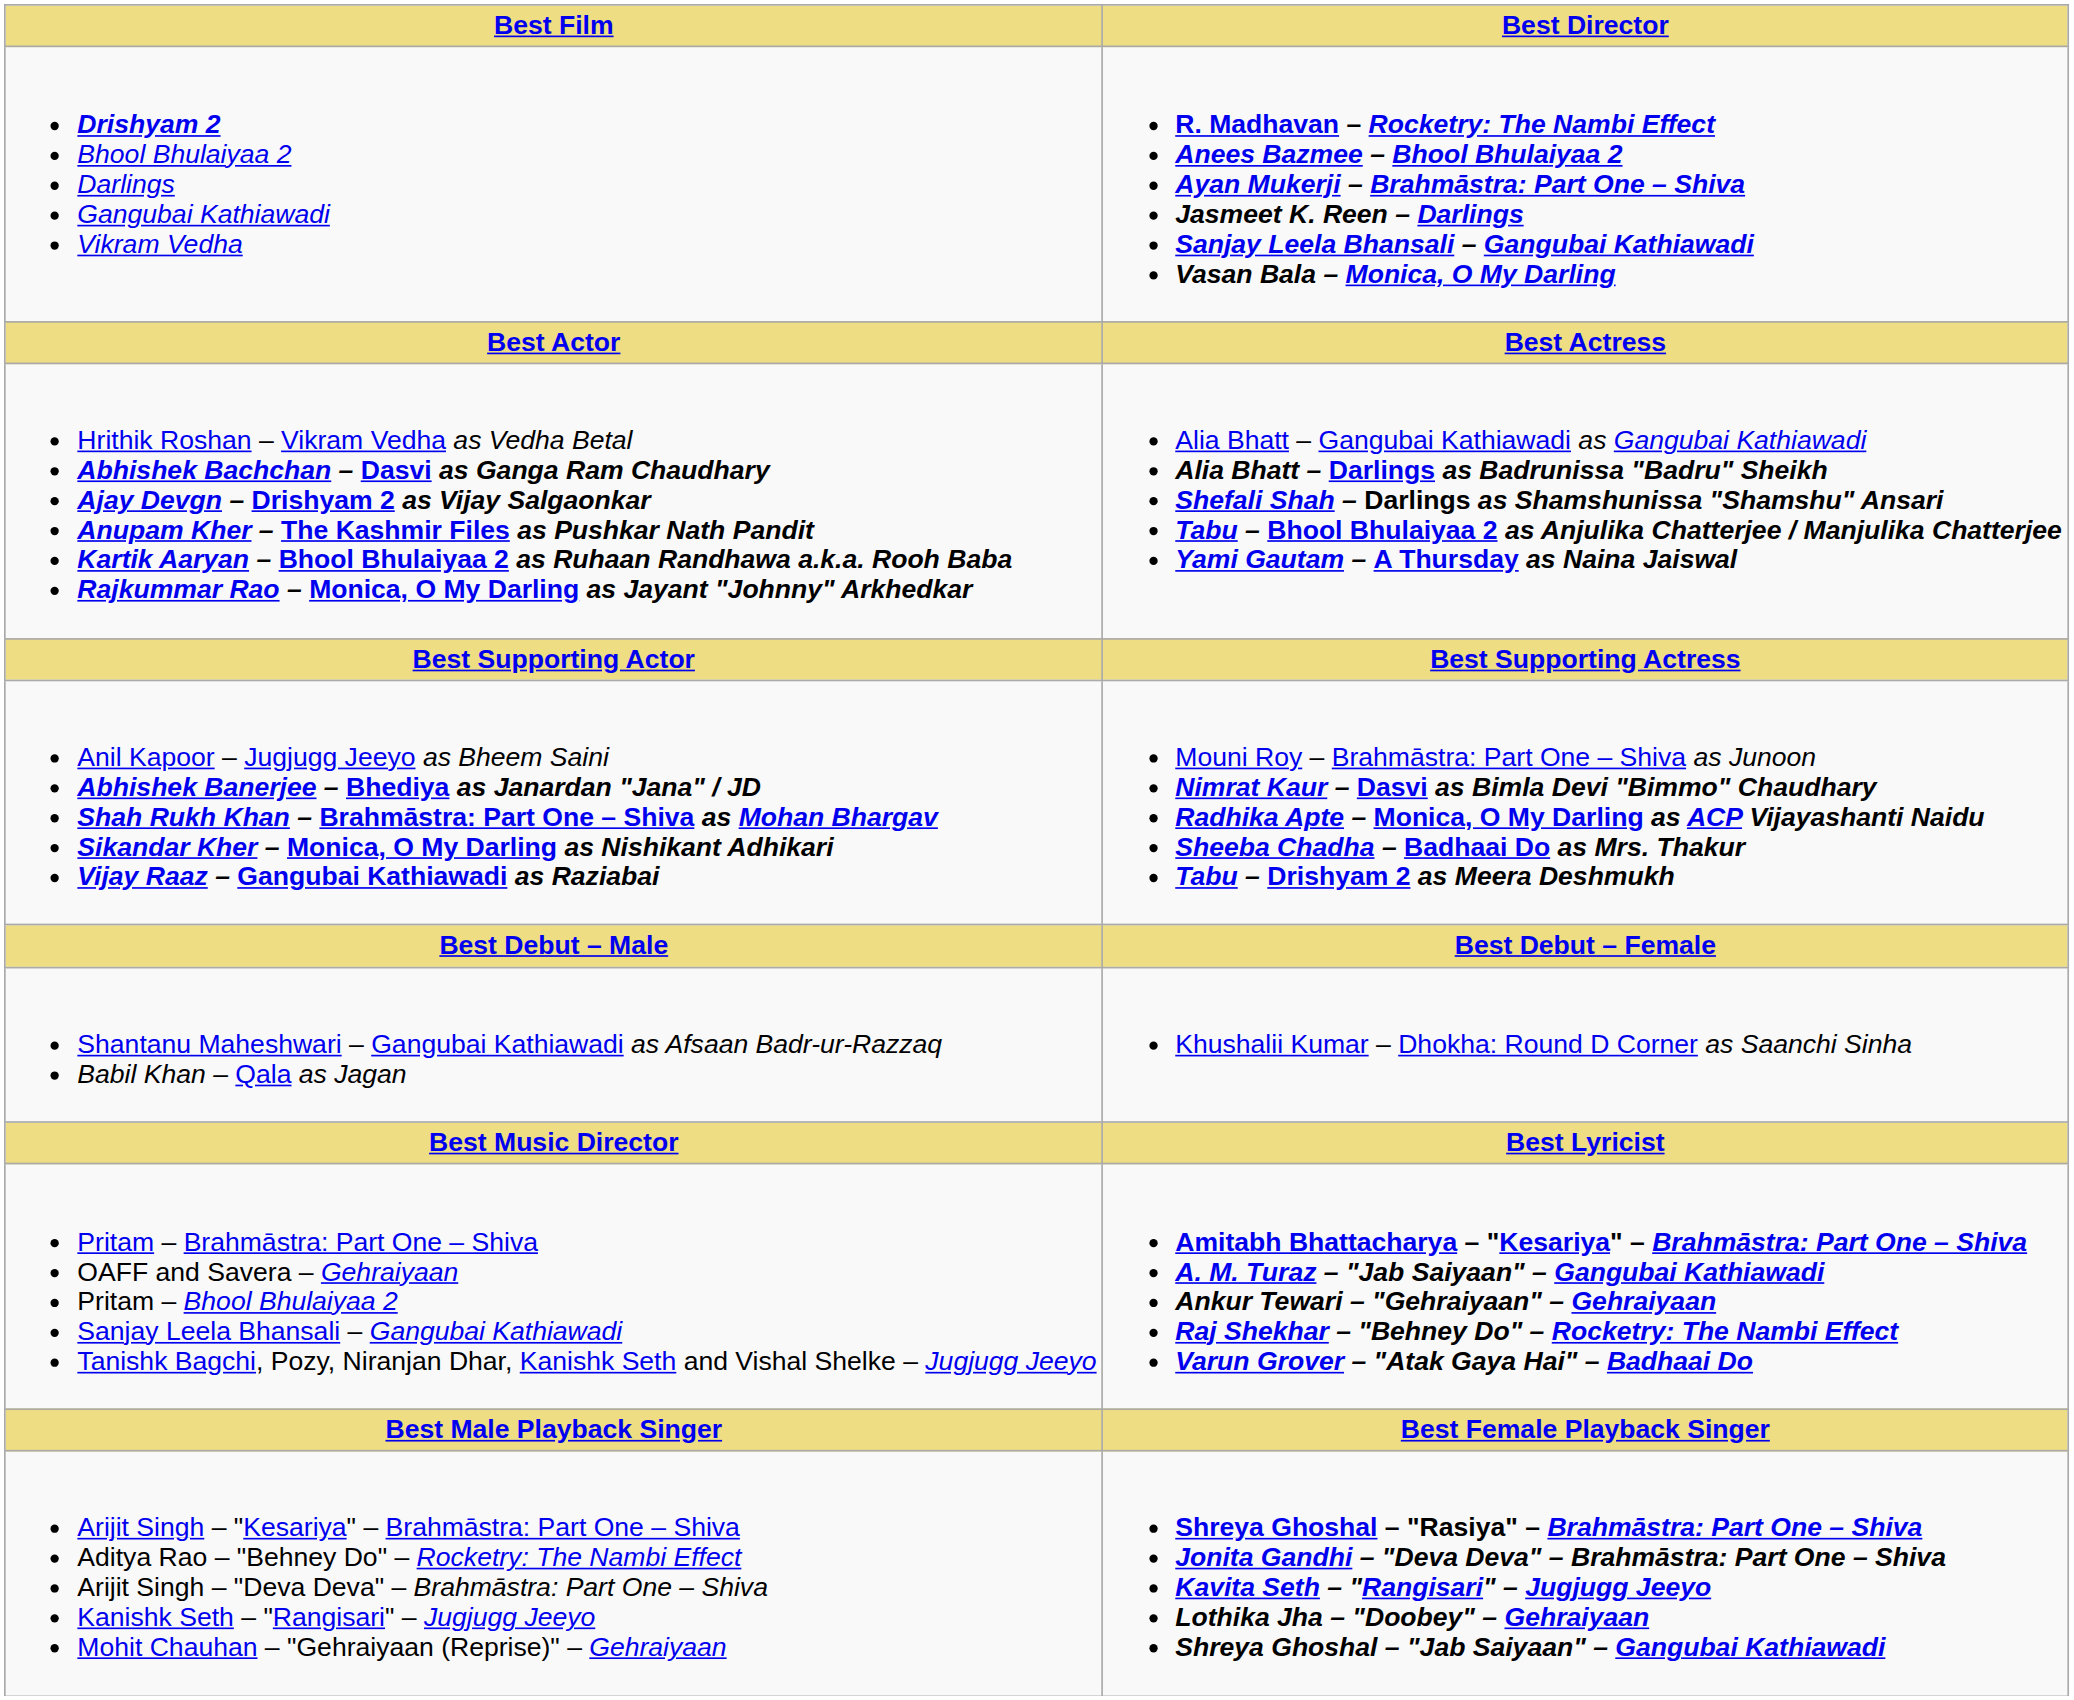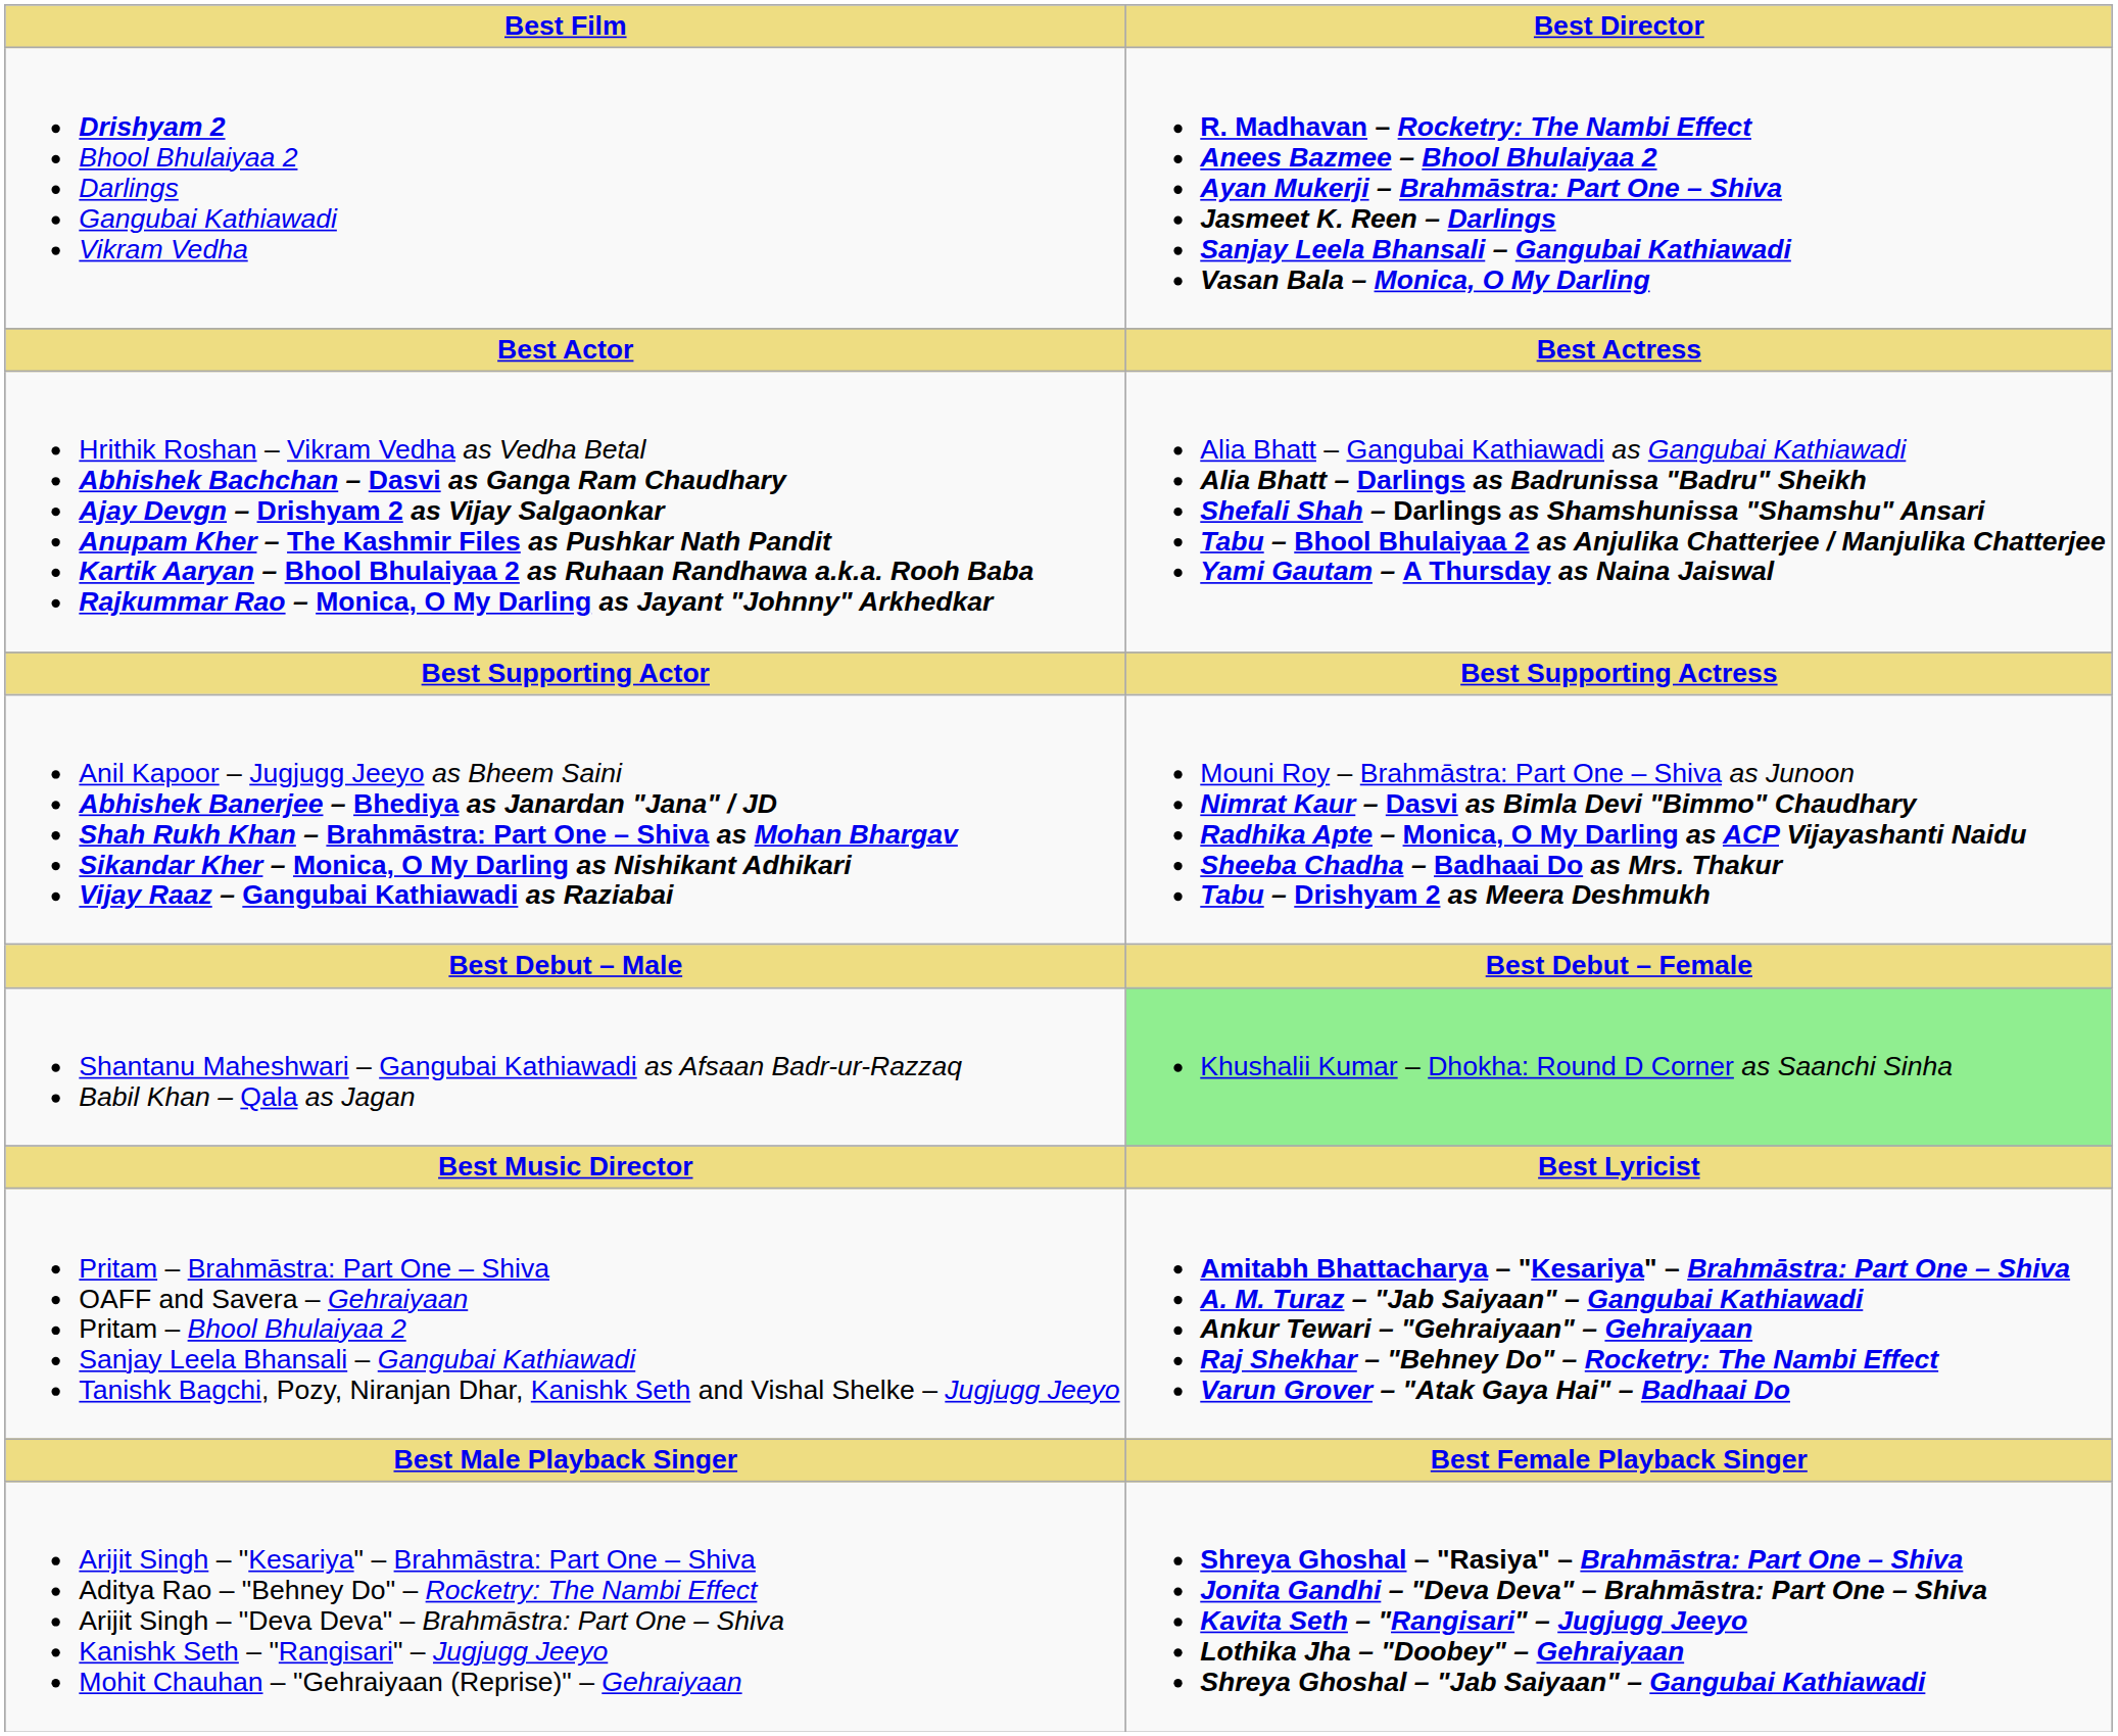 <table class="wikitable">
 <tr>
 <th ! style="background:#EEDD82;text-align:center;"><a href='#'>Best Film</a></th>
 <th ! style="background:#eedd82;text-align:center;"><a href='#'>Best Director</a></th>
 </tr>
 <tr>
 <td valign="top"><br><ul><li><strong><em><a href='#'>Drishyam 2</a></em></strong> </li><li><em><a href='#'>Bhool Bhulaiyaa 2</a></em></li><li><em><a href='#'>Darlings</a></em></li><li><em><a href='#'>Gangubai Kathiawadi</a></em></li><li><em><a href='#'>Vikram Vedha</a></em></li></ul></td>
 <td valign="top"><br><ul><li><strong><a href='#'>R. Madhavan</a> – <em><a href='#'>Rocketry: The Nambi Effect</a><strong><em> </li><li><a href='#'>Anees Bazmee</a> – </em><a href='#'>Bhool Bhulaiyaa 2</a><em></li><li><a href='#'>Ayan Mukerji</a> – </em><a href='#'>Brahmāstra: Part One – Shiva</a><em></li><li>Jasmeet K. Reen – </em><a href='#'>Darlings</a><em></li><li><a href='#'>Sanjay Leela Bhansali</a> – </em><a href='#'>Gangubai Kathiawadi</a><em></li><li>Vasan Bala – </em><a href='#'>Monica, O My Darling</a><em></li></ul></td>
 </tr>
 <tr>
 <th ! style="background:#EEDD82;text-align:center;"><a href='#'>Best Actor</a></th>
 <th ! style="background:#eedd82;text-align:center;"><a href='#'>Best Actress</a></th>
 </tr>
 <tr>
 <td valign="top"><br><ul><li></strong><a href='#'>Hrithik Roshan</a> – </em><a href='#'>Vikram Vedha</a><em> as Vedha Betal<strong> </li><li><a href='#'>Abhishek Bachchan</a> – </em><a href='#'>Dasvi</a><em> as Ganga Ram Chaudhary</li><li><a href='#'>Ajay Devgn</a> – </em><a href='#'>Drishyam 2</a><em> as Vijay Salgaonkar</li><li><a href='#'>Anupam Kher</a> – </em><a href='#'>The Kashmir Files</a><em> as Pushkar Nath Pandit</li><li><a href='#'>Kartik Aaryan</a> – </em><a href='#'>Bhool Bhulaiyaa 2</a><em> as Ruhaan Randhawa a.k.a. Rooh Baba</li><li><a href='#'>Rajkummar Rao</a> – </em><a href='#'>Monica, O My Darling</a><em> as Jayant "Johnny" Arkhedkar</li></ul></td>
 <td valign="top"><br><ul><li></strong><a href='#'>Alia Bhatt</a> – </em><a href='#'>Gangubai Kathiawadi</a><em> as <a href='#'>Gangubai Kathiawadi</a><strong> </li><li>Alia Bhatt – <a href='#'></em>Darlings<em></a> as Badrunissa "Badru" Sheikh</li><li><a href='#'>Shefali Shah</a> – </em>Darlings<em> as Shamshunissa "Shamshu" Ansari</li><li><a href='#'>Tabu</a> – </em><a href='#'>Bhool Bhulaiyaa 2</a><em> as Anjulika Chatterjee / Manjulika Chatterjee</li><li><a href='#'>Yami Gautam</a> – </em><a href='#'>A Thursday</a><em> as Naina Jaiswal</li></ul></td>
 </tr>
 <tr>
 <th ! style="background:#EEDD82;text-align:center;"><a href='#'>Best Supporting Actor</a></th>
 <th ! style="background:#eedd82;text-align:center;"><a href='#'>Best Supporting Actress</a></th>
 </tr>
 <tr>
 <td valign="top"><br><ul><li></strong><a href='#'>Anil Kapoor</a> – </em><a href='#'>Jugjugg Jeeyo</a><em> as Bheem Saini<strong> </li><li><a href='#'>Abhishek Banerjee</a> – <a href='#'></em>Bhediya<em></a> as Janardan "Jana" / JD</li><li><a href='#'>Shah Rukh Khan</a> – </em><a href='#'>Brahmāstra: Part One – Shiva</a><em> as <a href='#'>Mohan Bhargav</a></li><li><a href='#'>Sikandar Kher</a> – </em><a href='#'>Monica, O My Darling</a><em> as Nishikant Adhikari</li><li><a href='#'>Vijay Raaz</a> – </em><a href='#'>Gangubai Kathiawadi</a><em> as  Raziabai</li></ul></td>
 <td valign="top"><br><ul><li></strong><a href='#'>Mouni Roy</a> – </em><a href='#'>Brahmāstra: Part One – Shiva</a><em> as Junoon<strong> </li><li><a href='#'>Nimrat Kaur</a> – </em><a href='#'>Dasvi</a><em> as Bimla Devi "Bimmo" Chaudhary</li><li><a href='#'>Radhika Apte</a> – <a href='#'></em>Monica, O My Darling<em></a> as <a href='#'>ACP</a> Vijayashanti Naidu</li><li><a href='#'>Sheeba Chadha</a> – </em><a href='#'>Badhaai Do</a><em> as Mrs. Thakur</li><li><a href='#'>Tabu</a> – </em><a href='#'>Drishyam 2</a><em> as Meera Deshmukh</li></ul></td>
 </tr>
 <tr>
 <th ! style="background:#EEDD82;text-align:center;"><a href='#'>Best Debut – Male</a></th>
 <th ! style="background:#eedd82;text-align:center;"><a href='#'>Best Debut – Female</a></th>
 </tr>
 <tr>
 <td valign="top"><br><ul><li></strong><a href='#'>Shantanu Maheshwari</a> – </em><a href='#'>Gangubai Kathiawadi</a><em> as Afsaan Badr-ur-Razzaq<strong> </li><li></strong>Babil Khan – </em><a href='#'>Qala</a><em> as Jagan<strong> </li></ul></td>
-<td valign="top"><br><ul><li></strong><a href='#'>Khushalii Kumar</a> – </em><a href='#'>Dhokha: Round D Corner</a><em> as Saanchi Sinha<strong> </li></ul></td>
+<td valign="top" style="background: lightgreen;"><br><ul><li></strong><a href='#'>Khushalii Kumar</a> – </em><a href='#'>Dhokha: Round D Corner</a><em> as Saanchi Sinha<strong> </li></ul></td>
 </tr>
 <tr>
 <th ! style="background:#eedd82; text-align:center;"><a href='#'>Best Music Director</a></th>
 <th ! style="background:#eedd82; text-align:center;"><a href='#'>Best Lyricist</a></th>
 </tr>
 <tr>
 <td valign="top"><br><ul><li></strong><a href='#'>Pritam</a> – </em><a href='#'>Brahmāstra: Part One – Shiva</a></em></strong> </li><li>OAFF and Savera – <em><a href='#'>Gehraiyaan</a></em></li><li>Pritam – <em><a href='#'>Bhool Bhulaiyaa 2</a></em></li><li><a href='#'>Sanjay Leela Bhansali</a> – <em><a href='#'>Gangubai Kathiawadi</a></em></li><li><a href='#'>Tanishk Bagchi</a>, Pozy, Niranjan Dhar, <a href='#'>Kanishk Seth</a> and Vishal Shelke – <em><a href='#'>Jugjugg Jeeyo</a></em></li></ul></td>
 <td valign="top"><br><ul><li><strong><a href='#'>Amitabh Bhattacharya</a> – "<a href='#'>Kesariya</a>" – <em><a href='#'>Brahmāstra: Part One – Shiva</a><strong><em> </li><li><a href='#'>A. M. Turaz</a> – "Jab Saiyaan" – </em><a href='#'>Gangubai Kathiawadi</a><em></li><li>Ankur Tewari – "Gehraiyaan" – </em><a href='#'>Gehraiyaan</a><em></li><li><a href='#'>Raj Shekhar</a> – "Behney Do" – </em><a href='#'>Rocketry: The Nambi Effect</a><em></li><li><a href='#'>Varun Grover</a> – "Atak Gaya Hai" – </em><a href='#'>Badhaai Do</a><em></li></ul></td>
 </tr>
 <tr>
 <th ! style="background:#eedd82; text-align:center;"><a href='#'>Best Male Playback Singer</a></th>
 <th ! style="background:#eedd82; text-align:center;"><a href='#'>Best Female Playback Singer</a></th>
 </tr>
 <tr>
 <td valign="top"><br><ul><li></strong><a href='#'>Arijit Singh</a> – "<a href='#'>Kesariya</a>" – </em><a href='#'>Brahmāstra: Part One – Shiva</a></em></strong> </li><li>Aditya Rao – "Behney Do" – <em><a href='#'>Rocketry: The Nambi Effect</a></em></li><li>Arijit Singh – "Deva Deva" – <em>Brahmāstra: Part One – Shiva</em></li><li><a href='#'>Kanishk Seth</a> – "<a href='#'>Rangisari</a>" – <em><a href='#'>Jugjugg Jeeyo</a></em></li><li><a href='#'>Mohit Chauhan</a> – "Gehraiyaan (Reprise)" – <em><a href='#'>Gehraiyaan</a></em></li></ul></td>
 <td valign="top"><br><ul><li><strong><a href='#'>Shreya Ghoshal</a> – "Rasiya" – <em><a href='#'>Brahmāstra: Part One – Shiva</a><strong><em> </li><li><a href='#'>Jonita Gandhi</a> – "Deva Deva" – </em>Brahmāstra: Part One – Shiva<em></li><li><a href='#'>Kavita Seth</a> – "<a href='#'>Rangisari</a>" – </em><a href='#'>Jugjugg Jeeyo</a><em></li><li>Lothika Jha – "Doobey" – </em><a href='#'>Gehraiyaan</a><em></li><li>Shreya Ghoshal – "Jab Saiyaan" – </em><a href='#'>Gangubai Kathiawadi</a><em></li></ul></td>
 </tr>
 </table>
